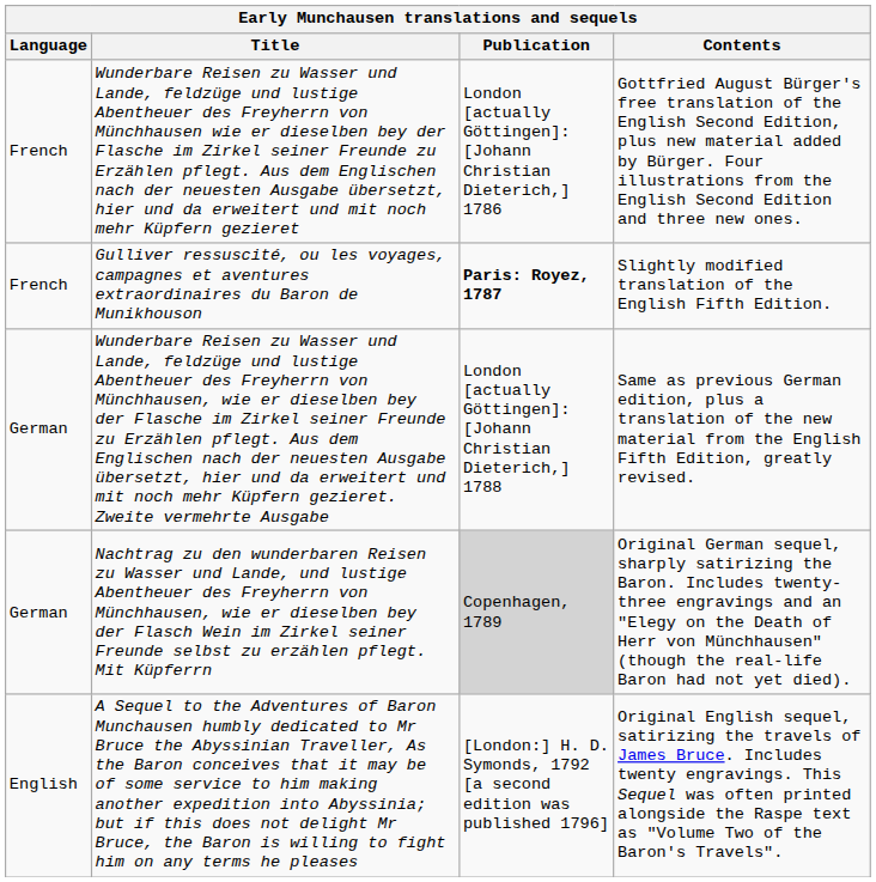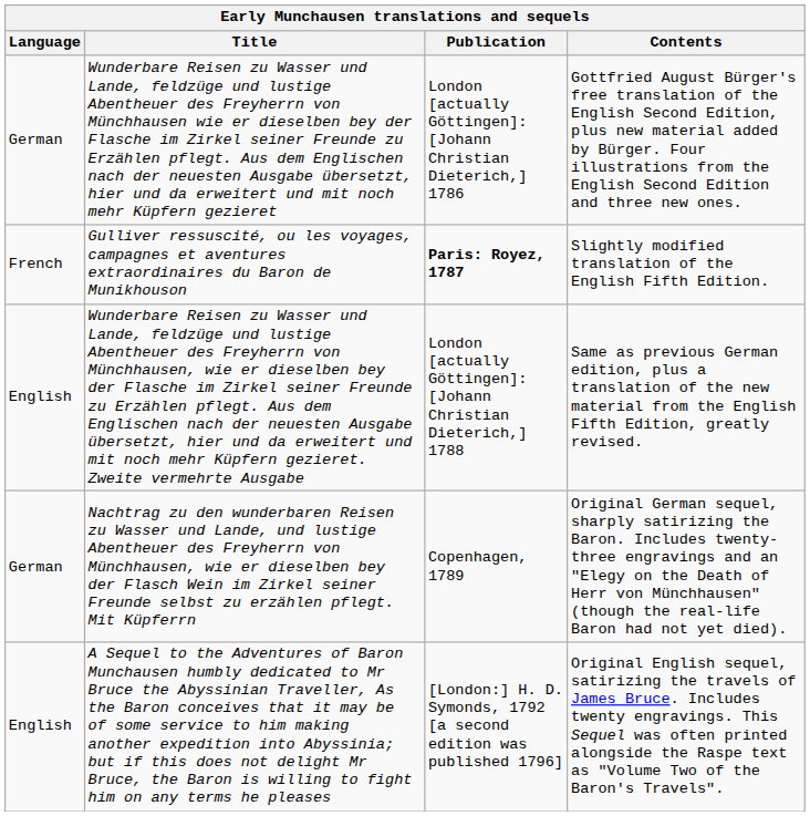 <table class="wikitable" width="100%" style="font-size:90%">
 <tr>
 <th colspan="4">Early Munchausen translations and sequels</th>
 </tr>
 <tr>
 <th>Language</th>
 <th>Title</th>
 <th>Publication</th>
 <th>Contents</th>
 </tr>
 <tr>
-<td>French</td>
+<td>German</td>
 <td><em>Wunderbare Reisen zu Wasser und Lande, feldzüge und lustige Abentheuer des Freyherrn von Münchhausen wie er dieselben bey der Flasche im Zirkel seiner Freunde zu Erzählen pflegt. Aus dem Englischen nach der neuesten Ausgabe übersetzt, hier und da erweitert und mit noch mehr Küpfern gezieret</em></td>
 <td>London [actually Göttingen]: [Johann Christian Dieterich,] 1786</td>
 <td>Gottfried August Bürger's free translation of the English Second Edition, plus new material added by Bürger. Four illustrations from the English Second Edition and three new ones.</td>
 </tr>
 <tr>
 <td>French</td>
 <td><em>Gulliver ressuscité, ou les voyages, campagnes et aventures extraordinaires du Baron de Munikhouson</em></td>
 <td><strong>Paris: Royez, 1787</strong></td>
 <td>Slightly modified translation of the English Fifth Edition.</td>
 </tr>
 <tr>
-<td>German</td>
+<td>English</td>
 <td><em>Wunderbare Reisen zu Wasser und Lande, feldzüge und lustige Abentheuer des Freyherrn von Münchhausen, wie er dieselben bey der Flasche im Zirkel seiner Freunde zu Erzählen pflegt. Aus dem Englischen nach der neuesten Ausgabe übersetzt, hier und da erweitert und mit noch mehr Küpfern gezieret. Zweite vermehrte Ausgabe</em></td>
 <td>London [actually Göttingen]: [Johann Christian Dieterich,] 1788</td>
 <td>Same as previous German edition, plus a translation of the new material from the English Fifth Edition, greatly revised.</td>
 </tr>
 <tr>
 <td>German</td>
 <td><em>Nachtrag zu den wunderbaren Reisen zu Wasser und Lande, und lustige Abentheuer des Freyherrn von Münchhausen, wie er dieselben bey der Flasch Wein im Zirkel seiner Freunde selbst zu erzählen pflegt. Mit Küpferrn</em></td>
-<td style="background: lightgrey;">Copenhagen, 1789</td>
+<td>Copenhagen, 1789</td>
 <td>Original German sequel, sharply satirizing the Baron. Includes twenty-three engravings and an "Elegy on the Death of Herr von Münchhausen" (though the real-life Baron had not yet died).</td>
 </tr>
 <tr>
 <td>English</td>
 <td><em>A Sequel to the Adventures of Baron Munchausen humbly dedicated to Mr Bruce the Abyssinian Traveller, As the Baron conceives that it may be of some service to him making another expedition into Abyssinia; but if this does not delight Mr Bruce, the Baron is willing to fight him on any terms he pleases</em></td>
 <td>[London:] H. D. Symonds, 1792 [a second edition was published 1796]</td>
 <td>Original English sequel, satirizing the travels of <a href='#'>James Bruce</a>. Includes twenty engravings. This <em>Sequel</em> was often printed alongside the Raspe text as "Volume Two of the Baron's Travels".</td>
 </tr>
 </table>
